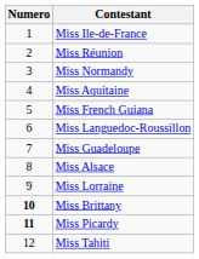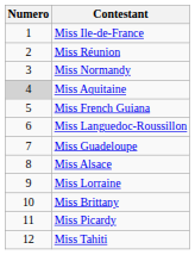 <table class="wikitable">
 <tr>
 <th>Numero</th>
 <th>Contestant</th>
 </tr>
 <tr>
 <td style="text-align:center;">1</td>
 <td style="text-align:left;"> <a href='#'>Miss Ile-de-France</a></td>
 </tr>
 <tr>
 <td style="text-align:center;">2</td>
 <td style="text-align:left;"> <a href='#'>Miss Réunion</a></td>
 </tr>
 <tr>
 <td style="text-align:center;">3</td>
 <td style="text-align:left;"> <a href='#'>Miss Normandy</a></td>
 </tr>
 <tr>
-<td style="text-align:center;">4</td>
+<td style="background: lightgrey; text-align:center;">4</td>
 <td style="text-align:left;"> <a href='#'>Miss Aquitaine</a></td>
 </tr>
 <tr>
 <td style="text-align:center;">5</td>
 <td style="text-align:left;"> <a href='#'>Miss French Guiana</a></td>
 </tr>
 <tr>
 <td style="text-align:center;">6</td>
 <td style="text-align:left;"> <a href='#'>Miss Languedoc-Roussillon</a></td>
 </tr>
 <tr>
 <td style="text-align:center;">7</td>
 <td style="text-align:left;"> <a href='#'>Miss Guadeloupe</a></td>
 </tr>
 <tr>
 <td style="text-align:center;">8</td>
 <td style="text-align:left;"> <a href='#'>Miss Alsace</a></td>
 </tr>
 <tr>
 <td style="text-align:center;">9</td>
 <td style="text-align:left;"> <a href='#'>Miss Lorraine</a></td>
 </tr>
 <tr>
-<td style="text-align:center;"><strong>10</strong></td>
+<td style="text-align:center;">10</td>
 <td style="text-align:left;"> <a href='#'>Miss Brittany</a></td>
 </tr>
 <tr>
-<td style="text-align:center;"><strong>11</strong></td>
+<td style="text-align:center;">11</td>
 <td style="text-align:left;"> <a href='#'>Miss Picardy</a></td>
 </tr>
 <tr>
 <td style="text-align:center;">12</td>
 <td style="text-align:left;"> <a href='#'>Miss Tahiti</a></td>
 </tr>
 </table>
